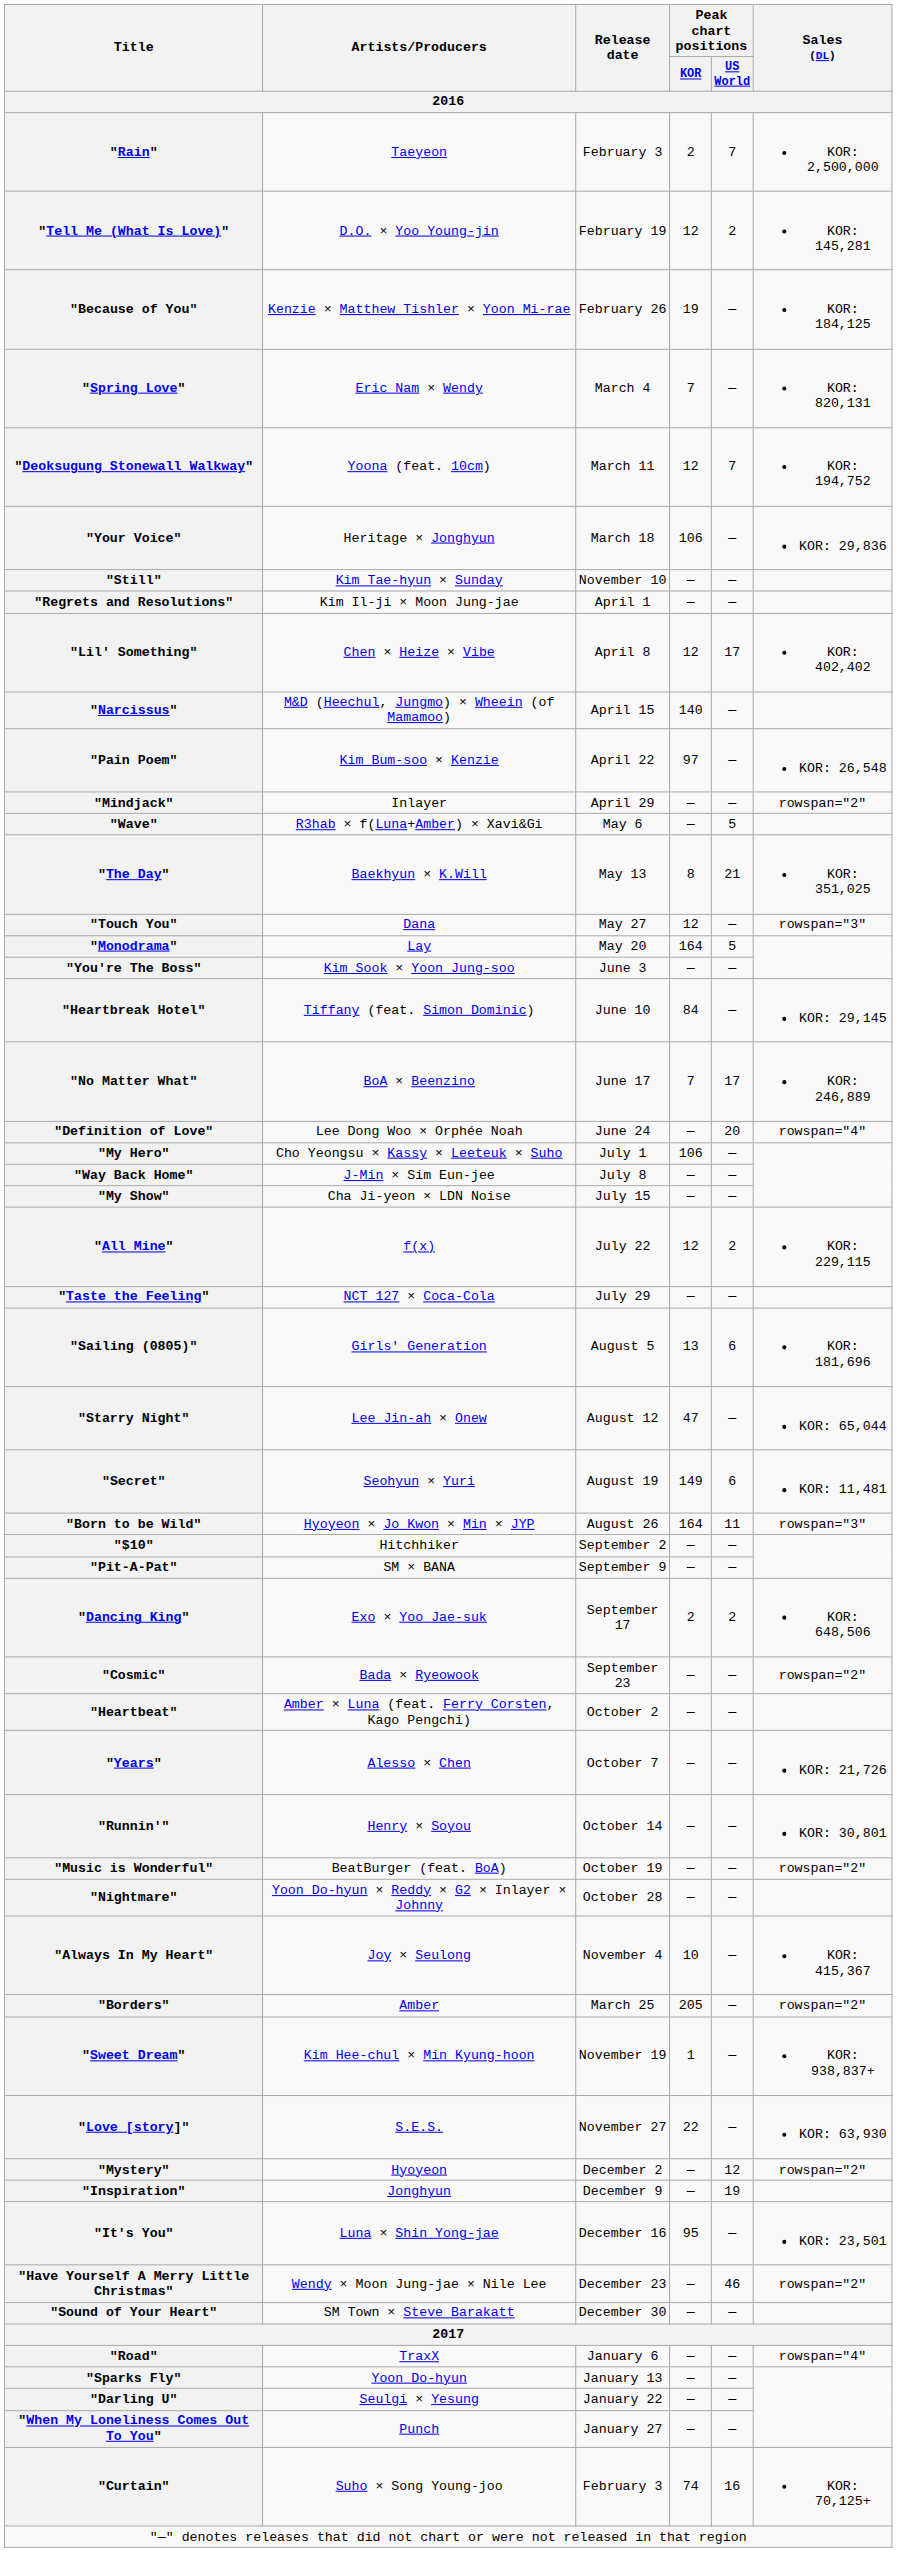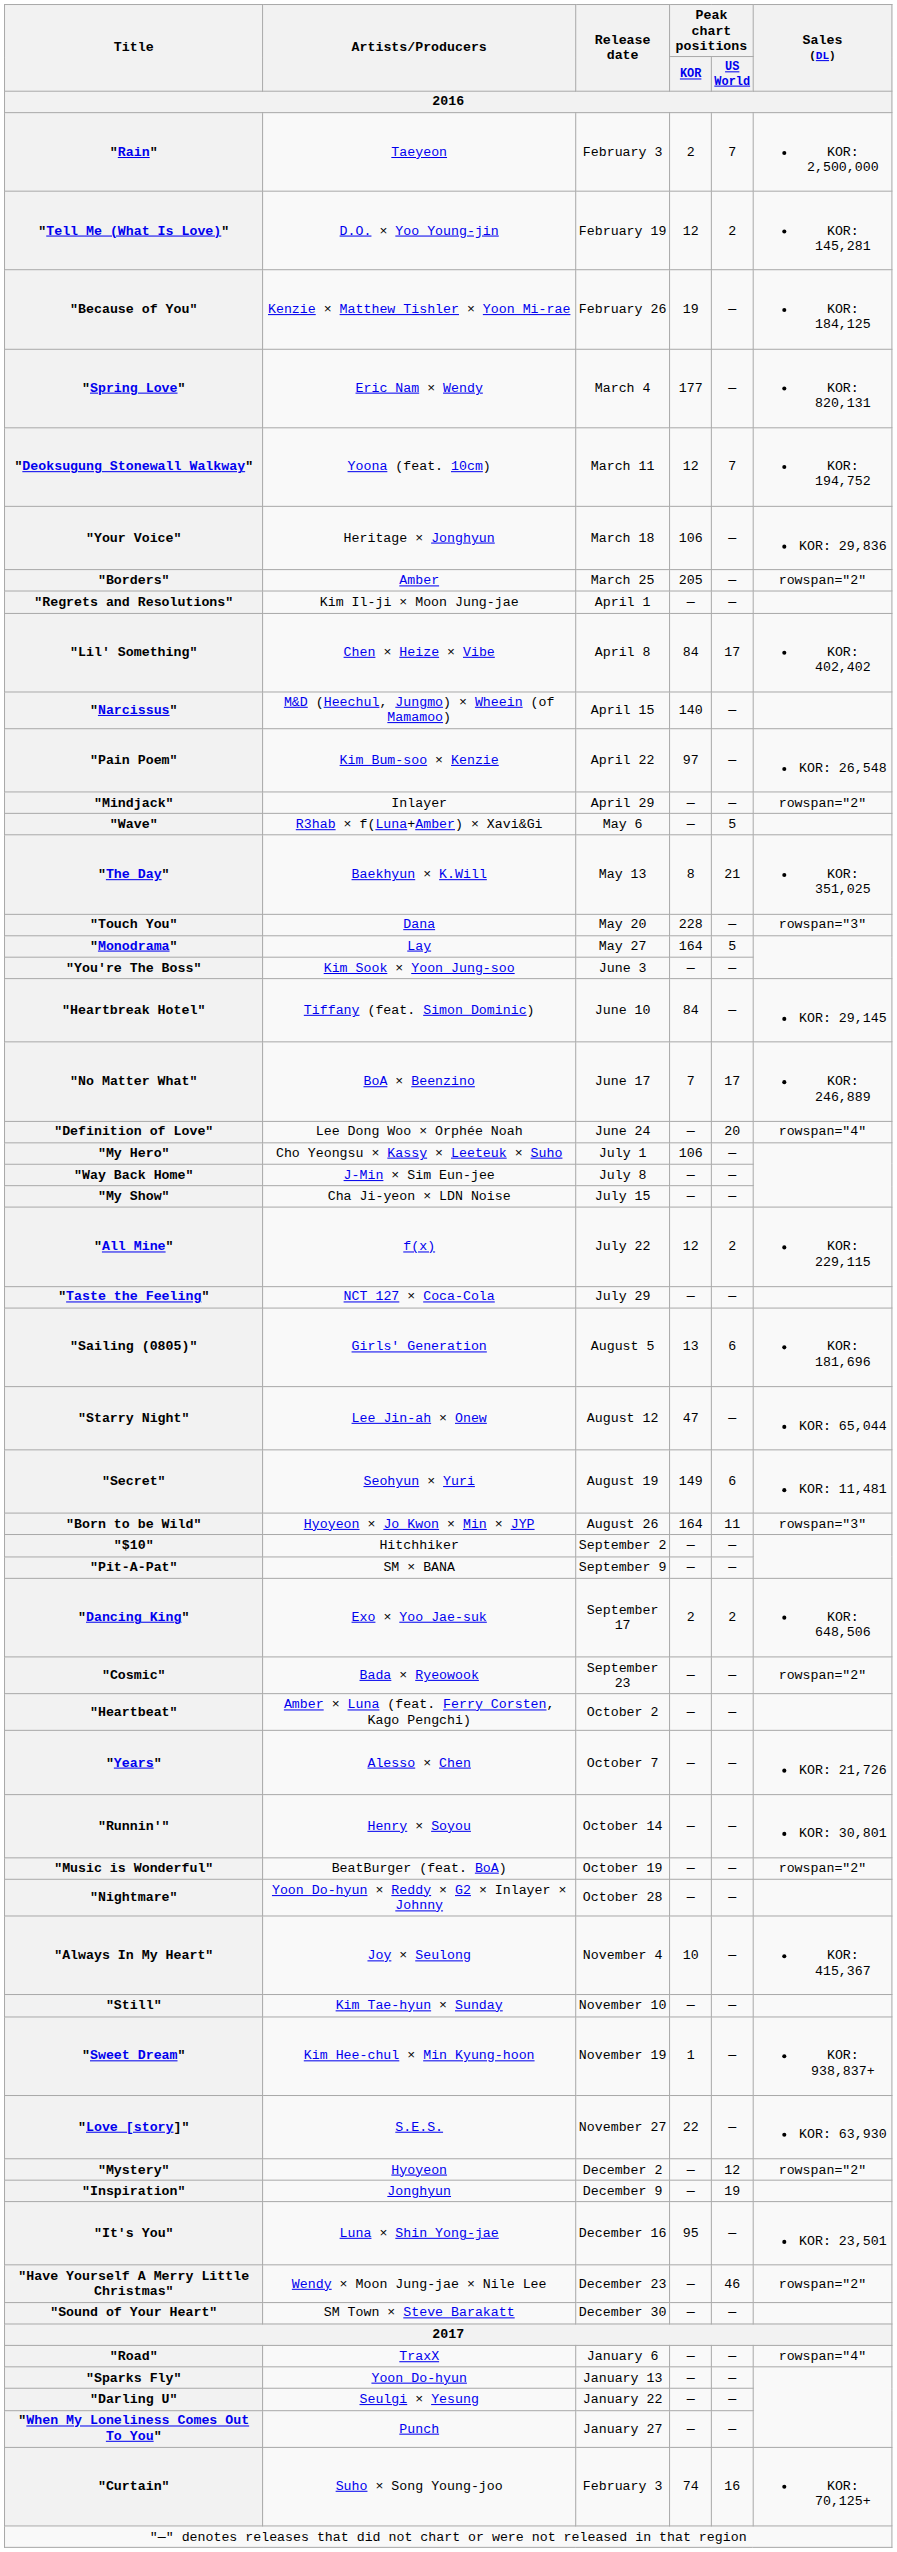 <table class="wikitable plainrowheaders" style="text-align:center;">
 <tr>
 <th rowspan="2">Title</th>
 <th rowspan="2">Artists/Producers</th>
 <th rowspan="2">Release date</th>
 <th colspan="2">Peak chart<br>positions</th>
 <th rowspan="2" style="width:10em;">Sales <br><small>(<a href='#'>DL</a>)</small></th>
 </tr>
 <tr>
 <th style="width:3em;font-size:90%;"><a href='#'>KOR</a><br></th>
 <th style="width:3em;font-size:90%;"><a href='#'>US<br>World</a><br></th>
 </tr>
 <tr>
 <th colspan=6>2016</th>
 </tr>
 <tr>
 <th scope="row">"<a href='#'>Rain</a>"</th>
 <td><a href='#'>Taeyeon</a></td>
 <td>February 3</td>
 <td>2</td>
 <td>7</td>
 <td><br><ul><li>KOR: 2,500,000</li></ul></td>
 </tr>
 <tr>
 <th scope="row">"<a href='#'>Tell Me (What Is Love)</a>"</th>
 <td><a href='#'>D.O.</a> × <a href='#'>Yoo Young-jin</a></td>
 <td>February 19</td>
 <td>12</td>
 <td>2</td>
 <td><br><ul><li>KOR: 145,281</li></ul></td>
 </tr>
 <tr>
 <th scope="row">"Because of You"</th>
 <td><a href='#'>Kenzie</a> × <a href='#'>Matthew Tishler</a> × <a href='#'>Yoon Mi-rae</a></td>
 <td>February 26</td>
 <td>19</td>
 <td>—</td>
 <td><br><ul><li>KOR: 184,125</li></ul></td>
 </tr>
 <tr>
 <th scope="row">"<a href='#'>Spring Love</a>" </th>
 <td><a href='#'>Eric Nam</a> × <a href='#'>Wendy</a></td>
 <td>March 4</td>
-<td>7</td>
+<td>177</td>
 <td>—</td>
 <td><br><ul><li>KOR: 820,131</li></ul></td>
 </tr>
 <tr>
 <th scope="row">"<a href='#'>Deoksugung Stonewall Walkway</a>" </th>
 <td><a href='#'>Yoona</a> (feat. <a href='#'>10cm</a>)</td>
 <td>March 11</td>
 <td>12</td>
 <td>7</td>
 <td><br><ul><li>KOR: 194,752</li></ul></td>
 </tr>
 <tr>
 <th scope="row">"Your Voice" </th>
 <td>Heritage × <a href='#'>Jonghyun</a></td>
 <td>March 18</td>
 <td>106</td>
 <td>—</td>
 <td><br><ul><li>KOR: 29,836</li></ul></td>
 </tr>
 <tr>
-<th scope="row">"Still" </th>
-<td><a href='#'>Kim Tae-hyun</a> × <a href='#'>Sunday</a></td>
-<td>November 10</td>
+<th scope="row">"Borders"</th>
+<td><a href='#'>Amber</a></td>
+<td>March 25</td>
+<td>205</td>
 <td>—</td>
-<td>—</td>
-<td></td>
+<td>rowspan="2" </td>
 </tr>
 <tr>
 <th scope="row">"Regrets and Resolutions"</th>
 <td>Kim Il-ji × Moon Jung-jae</td>
 <td>April 1</td>
 <td>—</td>
 <td>—</td>
 </tr>
 <tr>
 <th scope="row">"Lil' Something" </th>
 <td><a href='#'>Chen</a> × <a href='#'>Heize</a> × <a href='#'>Vibe</a></td>
 <td>April 8</td>
-<td>12</td>
+<td>84</td>
 <td>17</td>
 <td><br><ul><li>KOR: 402,402</li></ul></td>
 </tr>
 <tr>
 <th scope="row">"<a href='#'>Narcissus</a>" </th>
 <td><a href='#'>M&D</a> (<a href='#'>Heechul</a>, <a href='#'>Jungmo</a>) × <a href='#'>Wheein</a> (of <a href='#'>Mamamoo</a>)</td>
 <td>April 15</td>
 <td>140</td>
 <td>—</td>
 <td></td>
 </tr>
 <tr>
 <th scope="row">"Pain Poem" </th>
 <td><a href='#'>Kim Bum-soo</a> × <a href='#'>Kenzie</a></td>
 <td>April 22</td>
 <td>97</td>
 <td>—</td>
 <td><br><ul><li>KOR: 26,548</li></ul></td>
 </tr>
 <tr>
 <th scope="row">"Mindjack"</th>
 <td>Inlayer</td>
 <td>April 29</td>
 <td>—</td>
 <td>—</td>
 <td>rowspan="2" </td>
 </tr>
 <tr>
 <th scope="row">"Wave"</th>
 <td><a href='#'>R3hab</a> × f(<a href='#'>Luna</a>+<a href='#'>Amber</a>) × Xavi&Gi</td>
 <td>May 6</td>
 <td>—</td>
 <td>5</td>
 </tr>
 <tr>
 <th scope="row">"<a href='#'>The Day</a>"</th>
 <td><a href='#'>Baekhyun</a> × <a href='#'>K.Will</a></td>
 <td>May 13</td>
 <td>8</td>
 <td>21</td>
 <td><br><ul><li>KOR: 351,025</li></ul></td>
 </tr>
 <tr>
 <th scope="row">"Touch You" </th>
 <td><a href='#'>Dana</a></td>
-<td>May 27</td>
-<td>12</td>
+<td>May 20</td>
+<td>228</td>
 <td>—</td>
 <td>rowspan="3" </td>
 </tr>
 <tr>
 <th scope="row">"<a href='#'>Monodrama</a>" </th>
 <td><a href='#'>Lay</a></td>
-<td>May 20</td>
+<td>May 27</td>
 <td>164</td>
 <td>5</td>
 </tr>
 <tr>
 <th scope="row">"You're The Boss" </th>
 <td><a href='#'>Kim Sook</a> × <a href='#'>Yoon Jung-soo</a></td>
 <td>June 3</td>
 <td>—</td>
 <td>—</td>
 </tr>
 <tr>
 <th scope="row">"Heartbreak Hotel"</th>
 <td><a href='#'>Tiffany</a> (feat. <a href='#'>Simon Dominic</a>)</td>
 <td>June 10</td>
 <td>84</td>
 <td>—</td>
 <td><br><ul><li>KOR: 29,145</li></ul></td>
 </tr>
 <tr>
 <th scope="row">"No Matter What"</th>
 <td><a href='#'>BoA</a> × <a href='#'>Beenzino</a></td>
 <td>June 17</td>
 <td>7</td>
 <td>17</td>
 <td><br><ul><li>KOR: 246,889</li></ul></td>
 </tr>
 <tr>
 <th scope="row">"Definition of Love"</th>
 <td>Lee Dong Woo × Orphée Noah</td>
 <td>June 24</td>
 <td>—</td>
 <td>20</td>
 <td>rowspan="4" </td>
 </tr>
 <tr>
 <th scope="row">"My Hero" </th>
 <td>Cho Yeongsu × <a href='#'>Kassy</a> × <a href='#'>Leeteuk</a> × <a href='#'>Suho</a></td>
 <td>July 1</td>
 <td>106</td>
 <td>—</td>
 </tr>
 <tr>
 <th scope="row">"Way Back Home" </th>
 <td><a href='#'>J-Min</a> × Sim Eun-jee</td>
 <td>July 8</td>
 <td>—</td>
 <td>—</td>
 </tr>
 <tr>
 <th scope="row">"My Show"</th>
 <td>Cha Ji-yeon × LDN Noise</td>
 <td>July 15</td>
 <td>—</td>
 <td>—</td>
 </tr>
 <tr>
 <th scope="row">"<a href='#'>All Mine</a>"</th>
 <td><a href='#'>f(x)</a></td>
 <td>July 22</td>
 <td>12</td>
 <td>2</td>
 <td><br><ul><li>KOR: 229,115</li></ul></td>
 </tr>
 <tr>
 <th scope="row">"<a href='#'>Taste the Feeling</a>"</th>
 <td><a href='#'>NCT 127</a> × <a href='#'>Coca-Cola</a></td>
 <td>July 29</td>
 <td>—</td>
 <td>—</td>
 <td></td>
 </tr>
 <tr>
 <th scope="row">"Sailing (0805)" </th>
 <td><a href='#'>Girls' Generation</a></td>
 <td>August 5</td>
 <td>13</td>
 <td>6</td>
 <td><br><ul><li>KOR: 181,696</li></ul></td>
 </tr>
 <tr>
 <th scope="row">"Starry Night" </th>
 <td><a href='#'>Lee Jin-ah</a> × <a href='#'>Onew</a></td>
 <td>August 12</td>
 <td>47</td>
 <td>—</td>
 <td><br><ul><li>KOR: 65,044</li></ul></td>
 </tr>
 <tr>
 <th scope="row">"Secret"</th>
 <td><a href='#'>Seohyun</a> × <a href='#'>Yuri</a></td>
 <td>August 19</td>
 <td>149</td>
 <td>6</td>
 <td><br><ul><li>KOR: 11,481</li></ul></td>
 </tr>
 <tr>
 <th scope="row">"Born to be Wild"</th>
 <td><a href='#'>Hyoyeon</a> × <a href='#'>Jo Kwon</a> × <a href='#'>Min</a> × <a href='#'>JYP</a></td>
 <td>August 26</td>
 <td>164</td>
 <td>11</td>
 <td>rowspan="3" </td>
 </tr>
 <tr>
 <th scope="row">"$10"</th>
 <td>Hitchhiker</td>
 <td>September 2</td>
 <td>—</td>
 <td>—</td>
 </tr>
 <tr>
 <th scope="row">"Pit-A-Pat" </th>
 <td>SM × BANA</td>
 <td>September 9</td>
 <td>—</td>
 <td>—</td>
 </tr>
 <tr>
 <th scope="row">"<a href='#'>Dancing King</a>"</th>
 <td><a href='#'>Exo</a> × <a href='#'>Yoo Jae-suk</a></td>
 <td>September 17</td>
 <td>2</td>
 <td>2</td>
 <td><br><ul><li>KOR: 648,506</li></ul></td>
 </tr>
 <tr>
 <th scope="row">"Cosmic"</th>
 <td><a href='#'>Bada</a> × <a href='#'>Ryeowook</a></td>
 <td>September 23</td>
 <td>—</td>
 <td>—</td>
 <td>rowspan="2" </td>
 </tr>
 <tr>
 <th scope="row">"Heartbeat"</th>
 <td><a href='#'>Amber</a> × <a href='#'>Luna</a> (feat. <a href='#'>Ferry Corsten</a>, Kago Pengchi)</td>
 <td>October 2</td>
 <td>—</td>
 <td>—</td>
 </tr>
 <tr>
 <th scope="row">"<a href='#'>Years</a>"</th>
 <td><a href='#'>Alesso</a> × <a href='#'>Chen</a></td>
 <td>October 7</td>
 <td>—</td>
 <td>—</td>
 <td><br><ul><li>KOR: 21,726</li></ul></td>
 </tr>
 <tr>
 <th scope="row">"Runnin'" </th>
 <td><a href='#'>Henry</a> × <a href='#'>Soyou</a></td>
 <td>October 14</td>
 <td>—</td>
 <td>—</td>
 <td><br><ul><li>KOR: 30,801</li></ul></td>
 </tr>
 <tr>
 <th scope="row">"Music is Wonderful"</th>
 <td>BeatBurger (feat. <a href='#'>BoA</a>)</td>
 <td>October 19</td>
 <td>—</td>
 <td>—</td>
 <td>rowspan="2" </td>
 </tr>
 <tr>
 <th scope="row">"Nightmare"</th>
 <td><a href='#'>Yoon Do-hyun</a> × <a href='#'>Reddy</a> × <a href='#'>G2</a> × Inlayer × <a href='#'>Johnny</a></td>
 <td>October 28</td>
 <td>—</td>
 <td>—</td>
 </tr>
 <tr>
 <th scope="row">"Always In My Heart" </th>
 <td><a href='#'>Joy</a> × <a href='#'>Seulong</a></td>
 <td>November 4</td>
 <td>10</td>
 <td>—</td>
 <td><br><ul><li>KOR: 415,367</li></ul></td>
 </tr>
 <tr>
-<th scope="row">"Borders"</th>
-<td><a href='#'>Amber</a></td>
-<td>March 25</td>
-<td>205</td>
+<th scope="row">"Still" </th>
+<td><a href='#'>Kim Tae-hyun</a> × <a href='#'>Sunday</a></td>
+<td>November 10</td>
 <td>—</td>
-<td>rowspan="2" </td>
+<td>—</td>
+<td></td>
 </tr>
 <tr>
 <th scope="row">"<a href='#'>Sweet Dream</a>" </th>
 <td><a href='#'>Kim Hee-chul</a> × <a href='#'>Min Kyung-hoon</a></td>
 <td>November 19</td>
 <td>1</td>
 <td>—</td>
 <td><br><ul><li>KOR: 938,837+</li></ul></td>
 </tr>
 <tr>
 <th scope="row">"<a href='#'>Love [story</a>]"</th>
 <td><a href='#'>S.E.S.</a></td>
 <td>November 27</td>
 <td>22</td>
 <td>—</td>
 <td><br><ul><li>KOR: 63,930</li></ul></td>
 </tr>
 <tr>
 <th scope="row">"Mystery"</th>
 <td><a href='#'>Hyoyeon</a></td>
 <td>December 2</td>
 <td>—</td>
 <td>12</td>
 <td>rowspan="2" </td>
 </tr>
 <tr>
 <th scope="row">"Inspiration"</th>
 <td><a href='#'>Jonghyun</a></td>
 <td>December 9</td>
 <td>—</td>
 <td>19</td>
 </tr>
 <tr>
 <th scope="row">"It's You" </th>
 <td><a href='#'>Luna</a> × <a href='#'>Shin Yong-jae</a></td>
 <td>December 16</td>
 <td>95</td>
 <td>—</td>
 <td><br><ul><li>KOR: 23,501</li></ul></td>
 </tr>
 <tr>
 <th scope="row">"Have Yourself A Merry Little Christmas"</th>
 <td><a href='#'>Wendy</a> × Moon Jung-jae × Nile Lee</td>
 <td>December 23</td>
 <td>—</td>
 <td>46</td>
 <td>rowspan="2" </td>
 </tr>
 <tr>
 <th scope="row">"Sound of Your Heart" </th>
 <td>SM Town × <a href='#'>Steve Barakatt</a></td>
 <td>December 30</td>
 <td>—</td>
 <td>—</td>
 </tr>
 <tr>
 <th colspan=6>2017</th>
 </tr>
 <tr>
 <th scope=row>"Road" </th>
 <td><a href='#'>TraxX</a></td>
 <td>January 6</td>
 <td>—</td>
 <td>—</td>
 <td>rowspan="4" </td>
 </tr>
 <tr>
 <th scope=row>"Sparks Fly"</th>
 <td><a href='#'>Yoon Do-hyun</a></td>
 <td>January 13</td>
 <td>—</td>
 <td>—</td>
 </tr>
 <tr>
 <th scope=row>"Darling U"</th>
 <td><a href='#'>Seulgi</a> × <a href='#'>Yesung</a></td>
 <td>January 22</td>
 <td>—</td>
 <td>—</td>
 </tr>
 <tr>
 <th scope=row>"<a href='#'>When My Loneliness Comes Out To You</a>" </th>
 <td><a href='#'>Punch</a></td>
 <td>January 27</td>
 <td>—</td>
 <td>—</td>
 </tr>
 <tr>
 <th scope=row>"Curtain" </th>
 <td><a href='#'>Suho</a> × Song Young-joo</td>
 <td>February 3</td>
 <td>74</td>
 <td>16</td>
 <td><br><ul><li>KOR: 70,125+</li></ul></td>
 </tr>
 <tr>
 <td colspan="6">"—" denotes releases that did not chart or were not released in that region</td>
 </tr>
 </table>
